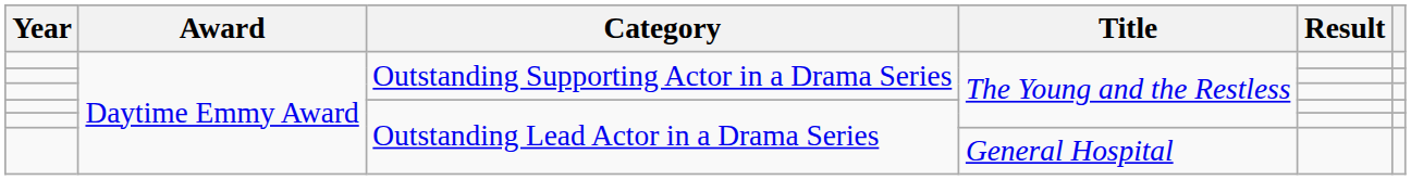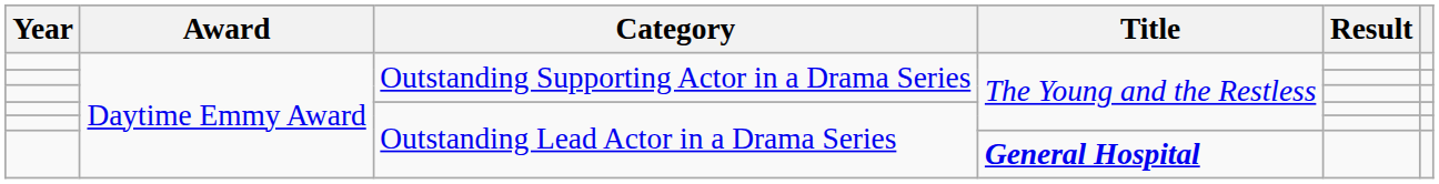 <table class="wikitable sortable plainrowheaders">
 <tr>
 <th scope="col">Year</th>
 <th scope="col">Award</th>
 <th scope="col">Category</th>
 <th scope="col">Title</th>
 <th scope="col">Result</th>
 <th scope="col" class="unsortable"></th>
 </tr>
 <tr>
 <td></td>
 <td rowspan="6"><a href='#'>Daytime Emmy Award</a></td>
 <td rowspan="3"><a href='#'>Outstanding Supporting Actor in a Drama Series</a></td>
 <td rowspan="5"><em><a href='#'>The Young and the Restless</a></em></td>
 <td></td>
 <td></td>
 </tr>
 <tr>
 <td></td>
 <td></td>
 <td></td>
 </tr>
 <tr>
 <td></td>
 <td></td>
 <td></td>
 </tr>
 <tr>
 <td></td>
 <td rowspan="3"><a href='#'>Outstanding Lead Actor in a Drama Series</a></td>
 <td></td>
 <td></td>
 </tr>
 <tr>
 <td></td>
 <td></td>
 <td></td>
 </tr>
 <tr>
 <td></td>
-<td><em><a href='#'>General Hospital</a></em></td>
+<td><strong><em><a href='#'>General Hospital</a></em></strong></td>
 <td></td>
 <td></td>
 </tr>
 </table>
